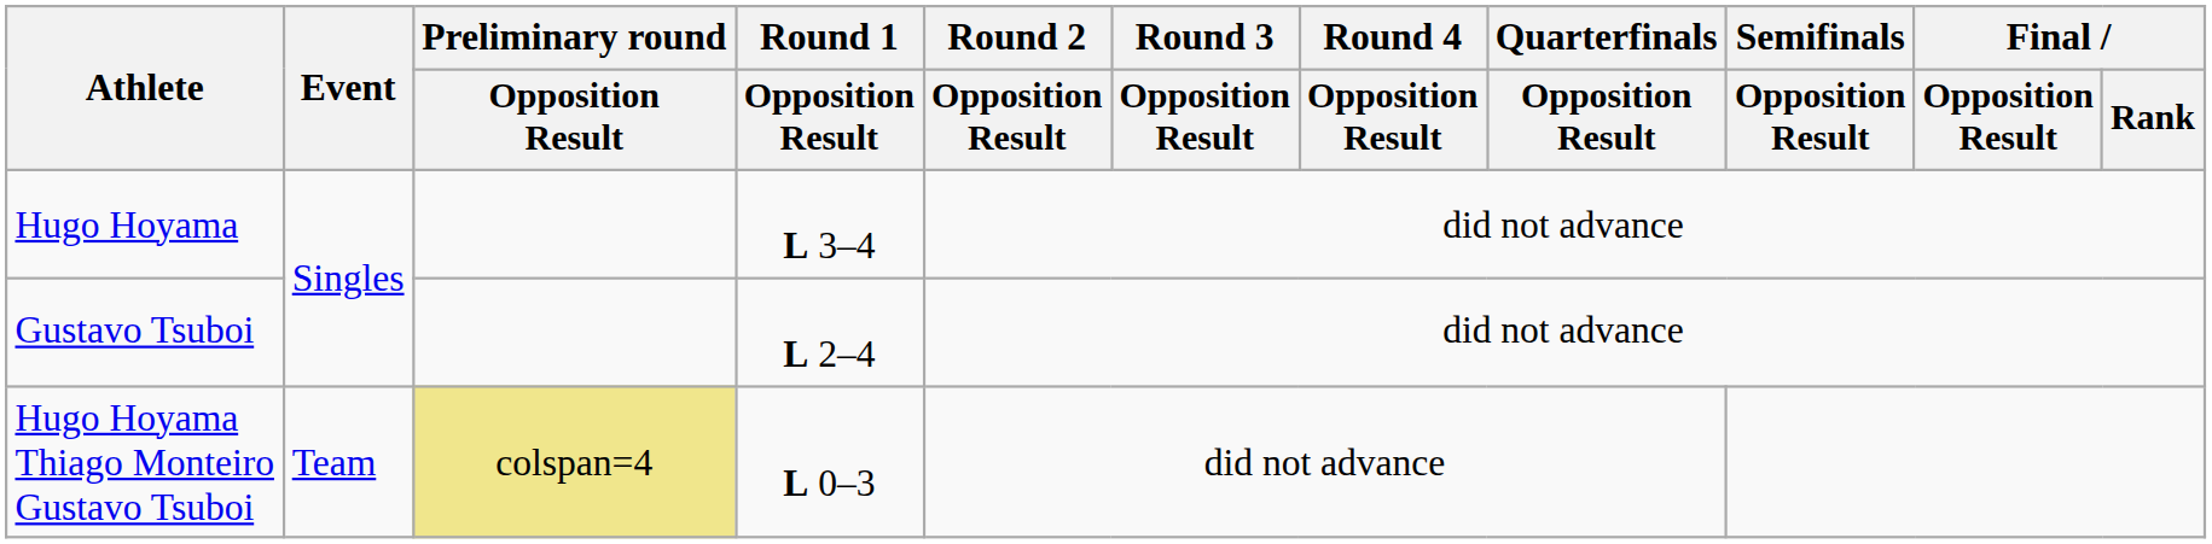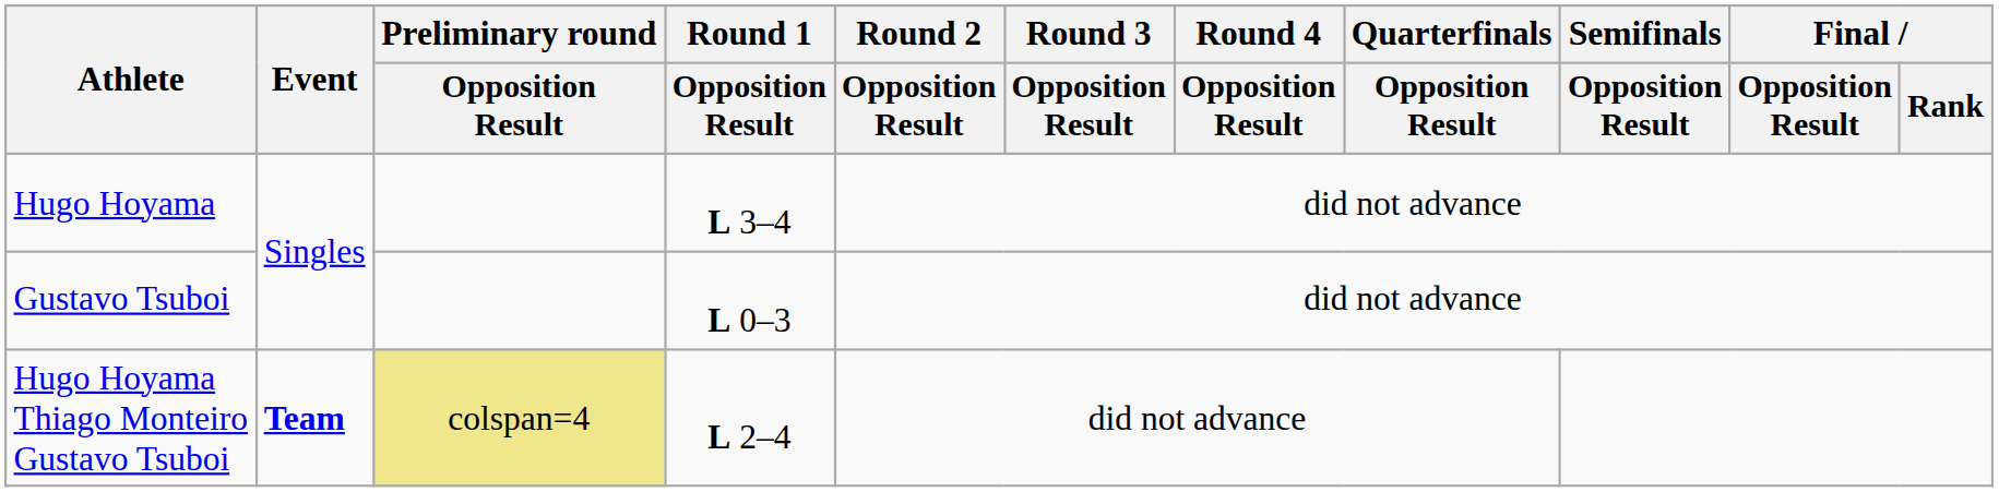 <table class="wikitable" style="font-size:90%">
 <tr>
 <th rowspan="2">Athlete</th>
 <th rowspan="2">Event</th>
 <th>Preliminary round</th>
 <th>Round 1</th>
 <th>Round 2</th>
 <th>Round 3</th>
 <th>Round 4</th>
 <th>Quarterfinals</th>
 <th>Semifinals</th>
 <th colspan=2>Final / </th>
 </tr>
 <tr style="font-size:95%">
 <th>Opposition<br>Result</th>
 <th>Opposition<br>Result</th>
 <th>Opposition<br>Result</th>
 <th>Opposition<br>Result</th>
 <th>Opposition<br>Result</th>
 <th>Opposition<br>Result</th>
 <th>Opposition<br>Result</th>
 <th>Opposition<br>Result</th>
 <th>Rank</th>
 </tr>
 <tr align=center>
 <td align=left><a href='#'>Hugo Hoyama</a></td>
 <td align=left rowspan=2><a href='#'>Singles</a></td>
 <td></td>
 <td> <br><strong>L</strong> 3–4</td>
 <td colspan=7>did not advance</td>
 </tr>
 <tr align=center>
 <td align=left><a href='#'>Gustavo Tsuboi</a></td>
 <td></td>
-<td> <br><strong>L</strong> 2–4</td>
+<td> <br><strong>L</strong> 0–3</td>
 <td colspan=7>did not advance</td>
 </tr>
 <tr align=center>
 <td align=left><a href='#'>Hugo Hoyama</a><br><a href='#'>Thiago Monteiro</a><br><a href='#'>Gustavo Tsuboi</a></td>
-<td align=left><a href='#'>Team</a></td>
+<td align=left><strong><a href='#'>Team</a></strong></td>
 <td style="background: khaki;">colspan=4 </td>
-<td> <br><strong>L</strong> 0–3</td>
+<td> <br><strong>L</strong> 2–4</td>
 <td colspan=4>did not advance</td>
 </tr>
 </table>
